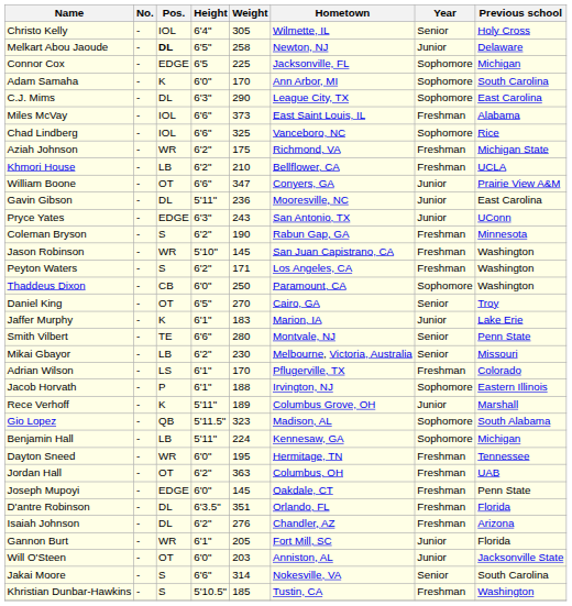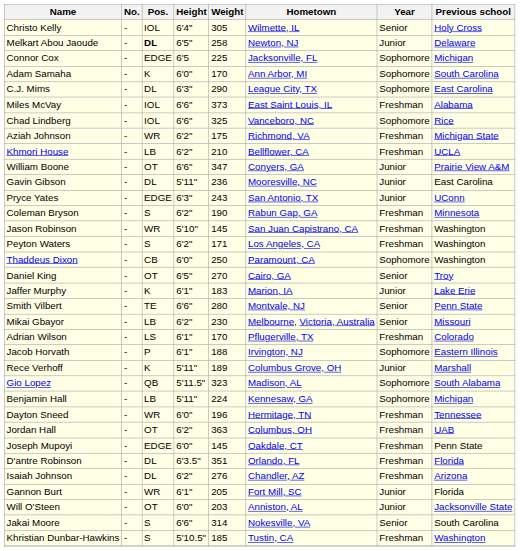 <table class="wikitable sortable">
 <tr>
 <th>Name</th>
 <th>No.</th>
 <th>Pos.</th>
 <th>Height</th>
 <th>Weight</th>
 <th>Hometown</th>
 <th>Year</th>
 <th class="unsortable">Previous school</th>
 </tr>
 <tr style="background:#FFFFE6;">
 <td>Christo Kelly</td>
 <td>-</td>
 <td>IOL</td>
 <td>6'4"</td>
 <td>305</td>
 <td><a href='#'>Wilmette, IL</a></td>
 <td> Senior</td>
 <td><a href='#'>Holy Cross</a></td>
 </tr>
 <tr style="background:#FFFFE6;">
 <td>Melkart Abou Jaoude</td>
 <td>-</td>
 <td><strong>DL</strong></td>
 <td>6'5"</td>
 <td>258</td>
 <td><a href='#'>Newton, NJ</a></td>
 <td>Junior</td>
 <td><a href='#'>Delaware</a></td>
 </tr>
 <tr style="background:#FFFFE6;">
 <td>Connor Cox</td>
 <td>-</td>
 <td>EDGE</td>
 <td>6'5</td>
 <td>225</td>
 <td><a href='#'>Jacksonville, FL</a></td>
 <td>Sophomore</td>
 <td><a href='#'>Michigan</a></td>
 </tr>
 <tr style="background:#FFFFE6;">
 <td>Adam Samaha</td>
 <td>-</td>
 <td>K</td>
 <td>6'0"</td>
 <td>170</td>
 <td><a href='#'>Ann Arbor, MI</a></td>
 <td>Sophomore</td>
 <td><a href='#'>South Carolina</a></td>
 </tr>
 <tr style="background:#FFFFE6;">
 <td>C.J. Mims</td>
 <td>-</td>
 <td>DL</td>
 <td>6'3"</td>
 <td>290</td>
 <td><a href='#'>League City, TX</a></td>
 <td> Sophomore</td>
 <td><a href='#'>East Carolina</a></td>
 </tr>
 <tr style="background:#FFFFE6;">
 <td>Miles McVay</td>
 <td>-</td>
 <td>IOL</td>
 <td>6'6"</td>
 <td>373</td>
 <td><a href='#'>East Saint Louis, IL</a></td>
 <td> Freshman</td>
 <td><a href='#'>Alabama</a></td>
 </tr>
 <tr style="background:#FFFFE6;">
 <td>Chad Lindberg</td>
 <td>-</td>
 <td>IOL</td>
 <td>6'6"</td>
 <td>325</td>
 <td><a href='#'>Vanceboro, NC</a></td>
 <td> Sophomore</td>
 <td><a href='#'>Rice</a></td>
 </tr>
 <tr style="background:#FFFFE6;">
 <td>Aziah Johnson</td>
 <td>-</td>
 <td>WR</td>
 <td>6'2"</td>
 <td>175</td>
 <td><a href='#'>Richmond, VA</a></td>
 <td> Freshman</td>
 <td><a href='#'>Michigan State</a></td>
 </tr>
 <tr style="background:#FFFFE6;">
 <td><a href='#'>Khmori House</a></td>
 <td>-</td>
 <td>LB</td>
 <td>6'2"</td>
 <td>210</td>
 <td><a href='#'>Bellflower, CA</a></td>
 <td>Freshman</td>
 <td><a href='#'>UCLA</a></td>
 </tr>
 <tr style="background:#FFFFE6;">
 <td>William Boone</td>
 <td>-</td>
 <td>OT</td>
 <td>6'6"</td>
 <td>347</td>
 <td><a href='#'>Conyers, GA</a></td>
 <td>Junior</td>
 <td><a href='#'>Prairie View A&M</a></td>
 </tr>
 <tr style="background:#FFFFE6;">
 <td>Gavin Gibson</td>
 <td>-</td>
 <td>DL</td>
 <td>5'11"</td>
 <td>236</td>
 <td><a href='#'>Mooresville, NC</a></td>
 <td>Junior</td>
 <td>East Carolina</td>
 </tr>
 <tr style="background:#FFFFE6;">
 <td>Pryce Yates</td>
 <td>-</td>
 <td>EDGE</td>
 <td>6'3"</td>
 <td>243</td>
 <td><a href='#'>San Antonio, TX</a></td>
 <td> Junior</td>
 <td><a href='#'>UConn</a></td>
 </tr>
 <tr style="background:#FFFFE6;">
 <td>Coleman Bryson</td>
 <td>-</td>
 <td>S</td>
 <td>6'2"</td>
 <td>190</td>
 <td><a href='#'>Rabun Gap, GA</a></td>
 <td> Freshman</td>
 <td><a href='#'>Minnesota</a></td>
 </tr>
 <tr style="background:#FFFFE6;">
 <td>Jason Robinson</td>
 <td>-</td>
 <td>WR</td>
 <td>5'10"</td>
 <td>145</td>
 <td><a href='#'>San Juan Capistrano, CA</a></td>
 <td>Freshman</td>
 <td>Washington</td>
 </tr>
 <tr style="background:#FFFFE6;">
 <td>Peyton Waters</td>
 <td>-</td>
 <td>S</td>
 <td>6'2"</td>
 <td>171</td>
 <td><a href='#'>Los Angeles, CA</a></td>
 <td>Freshman</td>
 <td>Washington</td>
 </tr>
 <tr style="background:#FFFFE6;">
 <td><a href='#'>Thaddeus Dixon</a></td>
 <td>-</td>
 <td>CB</td>
 <td>6'0"</td>
 <td>250</td>
 <td><a href='#'>Paramount, CA</a></td>
 <td>Sophomore</td>
 <td>Washington</td>
 </tr>
 <tr style="background:#FFFFE6;">
 <td>Daniel King</td>
 <td>-</td>
 <td>OT</td>
 <td>6'5"</td>
 <td>270</td>
 <td><a href='#'>Cairo, GA</a></td>
 <td> Senior</td>
 <td><a href='#'>Troy</a></td>
 </tr>
 <tr style="background:#FFFFE6;">
 <td>Jaffer Murphy</td>
 <td>-</td>
 <td>K</td>
 <td>6'1"</td>
 <td>183</td>
 <td><a href='#'>Marion, IA</a></td>
 <td>Junior</td>
 <td><a href='#'>Lake Erie</a></td>
 </tr>
 <tr style="background:#FFFFE6;">
 <td>Smith Vilbert</td>
 <td>-</td>
 <td>TE</td>
 <td>6'6"</td>
 <td>280</td>
 <td><a href='#'>Montvale, NJ</a></td>
 <td> Senior</td>
 <td><a href='#'>Penn State</a></td>
 </tr>
 <tr style="background:#FFFFE6;">
 <td>Mikai Gbayor</td>
 <td>-</td>
 <td>LB</td>
 <td>6'2"</td>
 <td>230</td>
 <td><a href='#'>Melbourne</a>, <a href='#'>Victoria, Australia</a></td>
 <td> Senior</td>
 <td><a href='#'>Missouri</a></td>
 </tr>
 <tr style="background:#FFFFE6;">
 <td>Adrian Wilson</td>
 <td>-</td>
 <td>LS</td>
 <td>6'1"</td>
 <td>170</td>
 <td><a href='#'>Pflugerville, TX</a></td>
 <td>Freshman</td>
 <td><a href='#'>Colorado</a></td>
 </tr>
 <tr style="background:#FFFFE6;">
 <td>Jacob Horvath</td>
 <td>-</td>
 <td>P</td>
 <td>6'1"</td>
 <td>188</td>
 <td><a href='#'>Irvington, NJ</a></td>
 <td>Sophomore</td>
 <td><a href='#'>Eastern Illinois</a></td>
 </tr>
 <tr style="background:#FFFFE6;">
 <td>Rece Verhoff</td>
 <td>-</td>
 <td>K</td>
 <td>5'11"</td>
 <td>189</td>
 <td><a href='#'>Columbus Grove, OH</a></td>
 <td>Junior</td>
 <td><a href='#'>Marshall</a></td>
 </tr>
 <tr style="background:#FFFFE6;">
 <td><a href='#'>Gio Lopez</a></td>
 <td>-</td>
 <td>QB</td>
 <td>5'11.5"</td>
 <td>323</td>
 <td><a href='#'>Madison, AL</a></td>
 <td> Sophomore</td>
 <td><a href='#'>South Alabama</a></td>
 </tr>
 <tr style="background:#FFFFE6;">
 <td>Benjamin Hall</td>
 <td>-</td>
 <td>LB</td>
 <td>5'11"</td>
 <td>224</td>
 <td><a href='#'>Kennesaw, GA</a></td>
 <td>Sophomore</td>
 <td><a href='#'>Michigan</a></td>
 </tr>
 <tr style="background:#FFFFE6;">
 <td>Dayton Sneed</td>
 <td>-</td>
 <td>WR</td>
 <td>6'0"</td>
-<td>195</td>
+<td>196</td>
 <td><a href='#'>Hermitage, TN</a></td>
 <td> Freshman</td>
 <td><a href='#'>Tennessee</a></td>
 </tr>
 <tr style="background:#FFFFE6;">
 <td>Jordan Hall</td>
 <td>-</td>
 <td>OT</td>
 <td>6'2"</td>
 <td>363</td>
 <td><a href='#'>Columbus, OH</a></td>
 <td> Freshman</td>
 <td><a href='#'>UAB</a></td>
 </tr>
 <tr style="background:#FFFFE6;">
 <td>Joseph Mupoyi</td>
 <td>-</td>
 <td>EDGE</td>
 <td>6'0"</td>
 <td>145</td>
 <td><a href='#'>Oakdale, CT</a></td>
 <td> Freshman</td>
 <td>Penn State</td>
 </tr>
 <tr style="background:#FFFFE6;">
 <td>D'antre Robinson</td>
 <td>-</td>
 <td>DL</td>
 <td>6'3.5"</td>
 <td>351</td>
 <td><a href='#'>Orlando, FL</a></td>
 <td>Freshman</td>
 <td><a href='#'>Florida</a></td>
 </tr>
 <tr style="background:#FFFFE6;">
 <td>Isaiah Johnson</td>
 <td>-</td>
 <td>DL</td>
 <td>6'2"</td>
 <td>276</td>
 <td><a href='#'>Chandler, AZ</a></td>
 <td> Freshman</td>
 <td><a href='#'>Arizona</a></td>
 </tr>
 <tr style="background:#FFFFE6;">
 <td>Gannon Burt</td>
 <td>-</td>
 <td>WR</td>
 <td>6'1"</td>
 <td>205</td>
 <td><a href='#'>Fort Mill, SC</a></td>
 <td>Junior</td>
 <td>Florida</td>
 </tr>
 <tr style="background:#FFFFE6;">
 <td>Will O'Steen</td>
 <td>-</td>
 <td>OT</td>
 <td>6'0"</td>
 <td>203</td>
 <td><a href='#'>Anniston, AL</a></td>
 <td> Junior</td>
 <td><a href='#'>Jacksonville State</a></td>
 </tr>
 <tr style="background:#FFFFE6;">
 <td>Jakai Moore</td>
 <td>-</td>
 <td>S</td>
 <td>6'6"</td>
 <td>314</td>
 <td><a href='#'>Nokesville, VA</a></td>
 <td> Senior</td>
 <td>South Carolina</td>
 </tr>
 <tr style="background:#FFFFE6;">
 <td>Khristian Dunbar-Hawkins</td>
 <td>-</td>
 <td>S</td>
 <td>5'10.5"</td>
 <td>185</td>
 <td><a href='#'>Tustin, CA</a></td>
 <td>Freshman</td>
 <td><a href='#'>Washington</a></td>
 </tr>
 <tr style="background:#FFFFE6;">
 </tr>
 </table>
